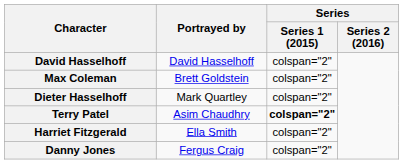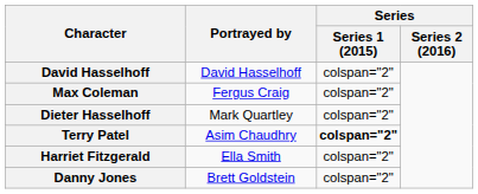 <table class="wikitable" style="text-align:center;">
 <tr>
 <th rowspan="2" style="width:210px;">Character</th>
 <th style="width:150px;" rowspan="2">Portrayed by</th>
 <th colspan="2">Series</th>
 </tr>
 <tr>
 <th style="width:80px;">Series 1<br>(2015)</th>
 <th style="width:80px;">Series 2<br>(2016)</th>
 </tr>
 <tr>
 <th>David Hasselhoff</th>
 <td><a href='#'>David Hasselhoff</a></td>
 <td>colspan="2" </td>
 </tr>
 <tr>
 <th>Max Coleman</th>
-<td><a href='#'>Brett Goldstein</a></td>
+<td><a href='#'>Fergus Craig</a></td>
 <td>colspan="2" </td>
 </tr>
 <tr>
 <th>Dieter Hasselhoff</th>
 <td>Mark Quartley</td>
 <td>colspan="2" </td>
 </tr>
 <tr>
 <th>Terry Patel</th>
 <td><a href='#'>Asim Chaudhry</a></td>
 <td><strong>colspan="2" </strong></td>
 </tr>
 <tr>
 <th>Harriet Fitzgerald</th>
 <td><a href='#'>Ella Smith</a></td>
 <td>colspan="2" </td>
 </tr>
 <tr>
 <th>Danny Jones</th>
-<td><a href='#'>Fergus Craig</a></td>
+<td><a href='#'>Brett Goldstein</a></td>
 <td>colspan="2" </td>
 </tr>
 </table>
